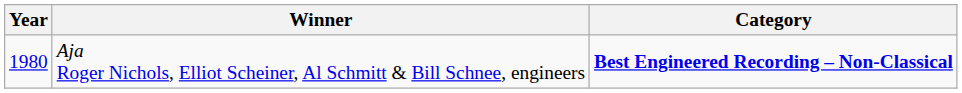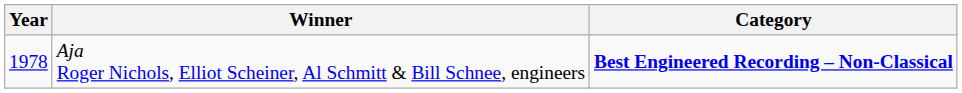 <table class="wikitable sortable">
 <tr>
 <th align="left">Year</th>
 <th align="left">Winner</th>
 <th align="left">Category</th>
 </tr>
 <tr>
-<td align="left"><a href='#'>1980</a></td>
+<td align="left"><a href='#'>1978</a></td>
 <td align="left"><em>Aja</em><br><a href='#'>Roger Nichols</a>, <a href='#'>Elliot Scheiner</a>, <a href='#'>Al Schmitt</a> & <a href='#'>Bill Schnee</a>, engineers</td>
 <td align="left"><strong><a href='#'>Best Engineered Recording – Non-Classical</a></strong></td>
 </tr>
 </table>
